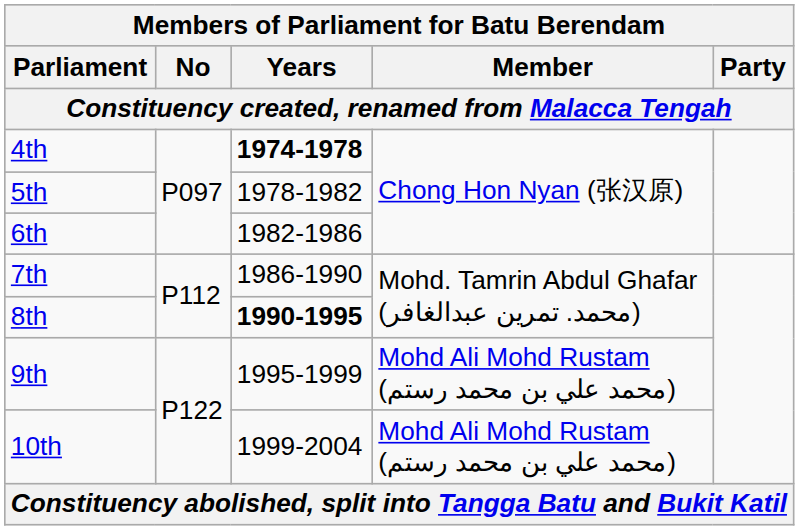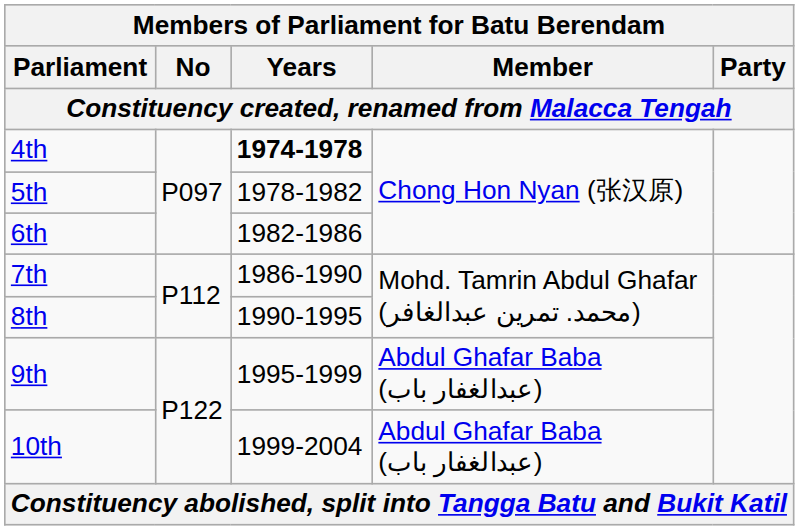 <table class=wikitable>
 <tr>
 <th colspan="5">Members of Parliament for Batu Berendam</th>
 </tr>
 <tr>
 <th>Parliament</th>
 <th>No</th>
 <th>Years</th>
 <th>Member</th>
 <th>Party</th>
 </tr>
 <tr>
 <th colspan="5" align="center"><em>Constituency created, renamed from <a href='#'>Malacca Tengah</a></em></th>
 </tr>
 <tr>
 <td><a href='#'>4th</a></td>
 <td rowspan="3">P097</td>
 <td><strong>1974-1978</strong></td>
 <td rowspan=3><a href='#'>Chong Hon Nyan</a> (张汉原)</td>
 <td rowspan="3"></td>
 </tr>
 <tr>
 <td><a href='#'>5th</a></td>
 <td>1978-1982</td>
 </tr>
 <tr>
 <td><a href='#'>6th</a></td>
 <td>1982-1986</td>
 </tr>
 <tr>
 <td><a href='#'>7th</a></td>
 <td rowspan="2">P112</td>
 <td>1986-1990</td>
 <td rowspan=2>Mohd. Tamrin Abdul Ghafar  <br>(محمد. تمرين عبدالغافر)</td>
 <td rowspan="4"></td>
 </tr>
 <tr>
 <td><a href='#'>8th</a></td>
-<td><strong>1990-1995</strong></td>
+<td>1990-1995</td>
 </tr>
 <tr>
 <td><a href='#'>9th</a></td>
 <td rowspan="2">P122</td>
 <td>1995-1999</td>
-<td><a href='#'>Mohd Ali Mohd Rustam</a> <br> (محمد علي بن محمد رستم)</td>
+<td><a href='#'>Abdul Ghafar Baba</a> <br> (عبدالغفار باب)</td>
 </tr>
 <tr>
 <td><a href='#'>10th</a></td>
 <td>1999-2004</td>
-<td><a href='#'>Mohd Ali Mohd Rustam</a> <br> (محمد علي بن محمد رستم)</td>
+<td><a href='#'>Abdul Ghafar Baba</a> <br> (عبدالغفار باب)</td>
 </tr>
 <tr>
 <th colspan="5" align="center"><em>Constituency abolished, split into <a href='#'>Tangga Batu</a> and <a href='#'>Bukit Katil</a></em></th>
 </tr>
 </table>
